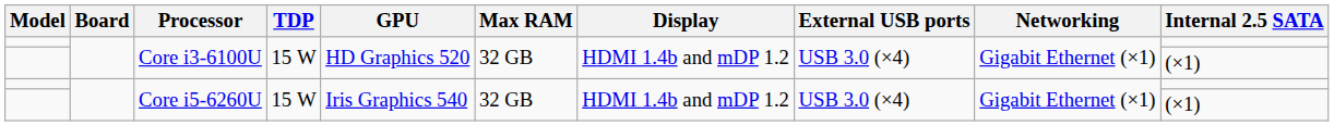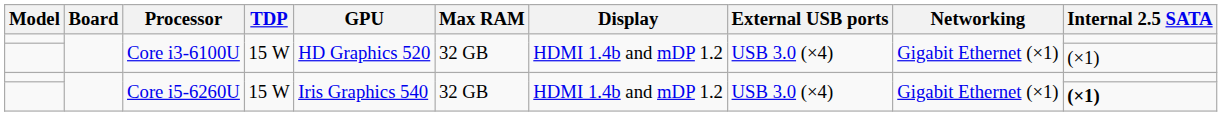 <table class="wikitable">
 <tr>
 <th>Model</th>
 <th>Board</th>
 <th>Processor</th>
 <th><a href='#'>TDP</a></th>
 <th>GPU</th>
 <th>Max RAM</th>
 <th>Display</th>
 <th>External USB ports</th>
 <th>Networking</th>
 <th>Internal 2.5 <a href='#'>SATA</a></th>
 </tr>
 <tr>
 <td></td>
 <td rowspan="2"></td>
 <td rowspan="2"><a href='#'>Core i3-6100U</a></td>
 <td rowspan="2">15 W</td>
 <td rowspan="2"><a href='#'>HD Graphics 520</a></td>
 <td rowspan="2">32 GB</td>
 <td rowspan="2"><a href='#'>HDMI 1.4b</a> and <a href='#'>mDP</a> 1.2</td>
 <td rowspan="2"><a href='#'>USB 3.0</a> (×4)</td>
 <td rowspan="2"><a href='#'>Gigabit Ethernet</a> (×1)</td>
 <td></td>
 </tr>
 <tr>
 <td></td>
 <td> (×1)</td>
 </tr>
 <tr>
 <td></td>
 <td rowspan="2"></td>
 <td rowspan="2"><a href='#'>Core i5-6260U</a></td>
 <td rowspan="2">15 W</td>
 <td rowspan="2"><a href='#'>Iris Graphics 540</a></td>
 <td rowspan="2">32 GB</td>
 <td rowspan="2"><a href='#'>HDMI 1.4b</a> and <a href='#'>mDP</a> 1.2</td>
 <td rowspan="2"><a href='#'>USB 3.0</a> (×4)</td>
 <td rowspan="2"><a href='#'>Gigabit Ethernet</a> (×1)</td>
 <td></td>
 </tr>
 <tr>
 <td></td>
-<td> (×1)</td>
+<td><strong> (×1)</strong></td>
 </tr>
 </table>
